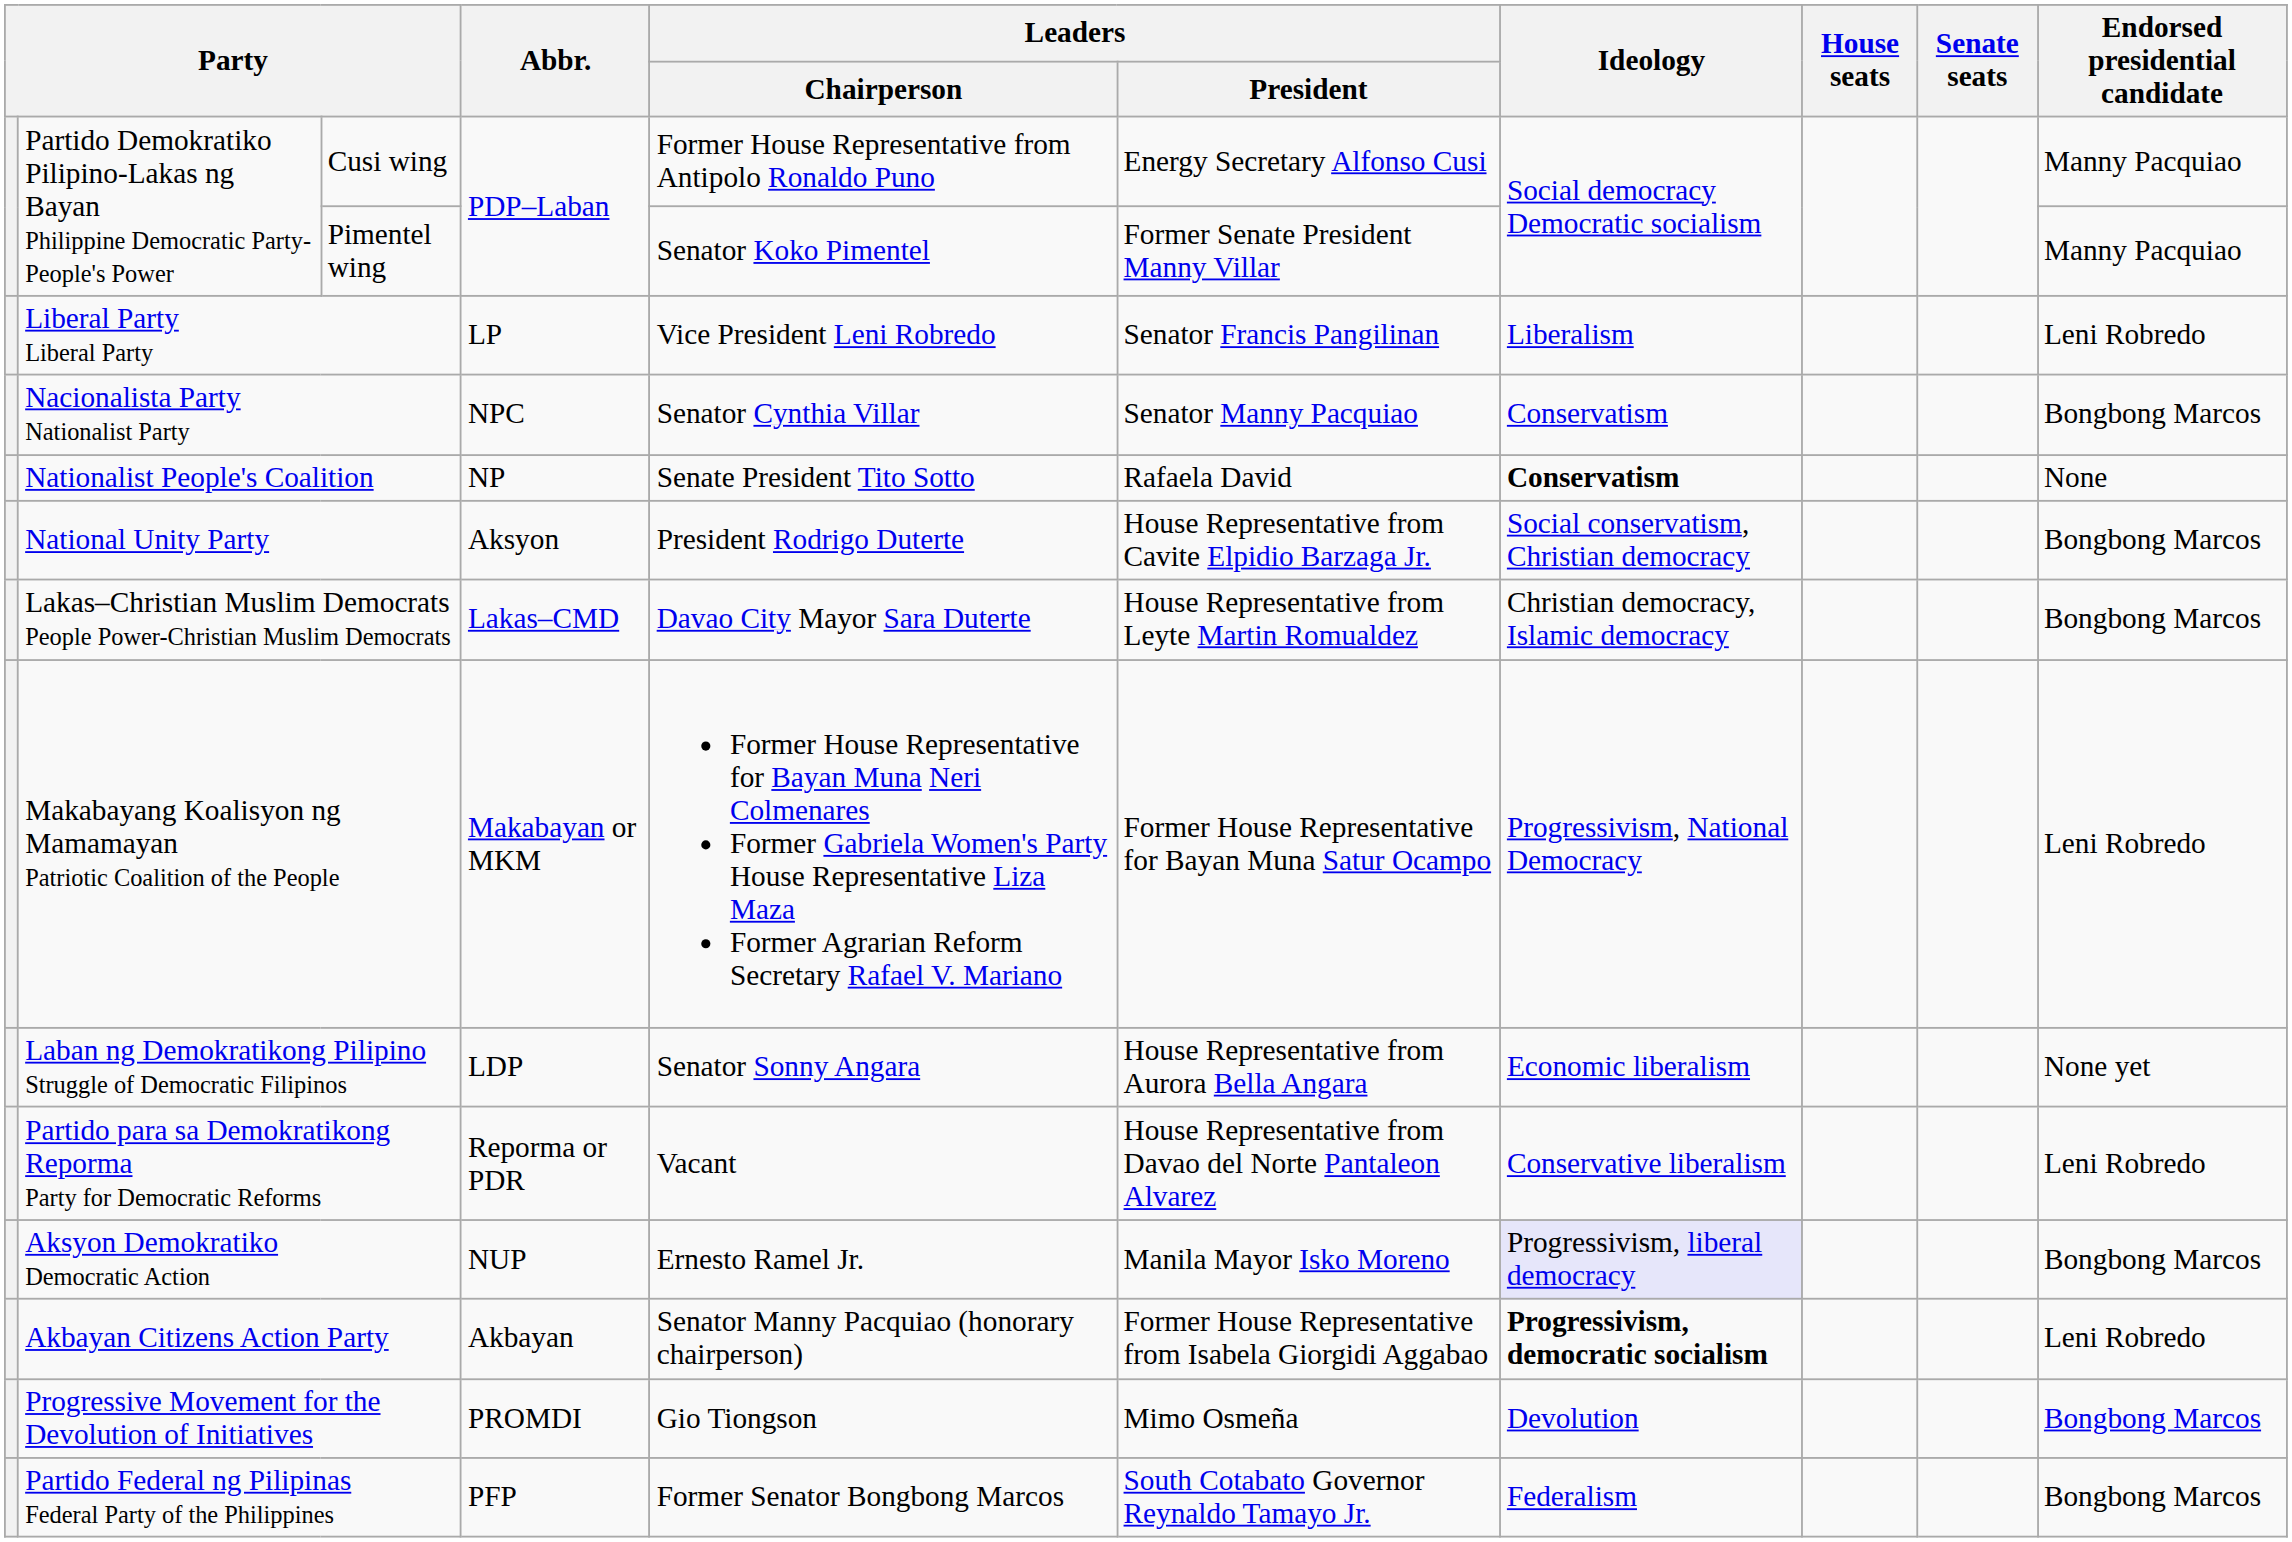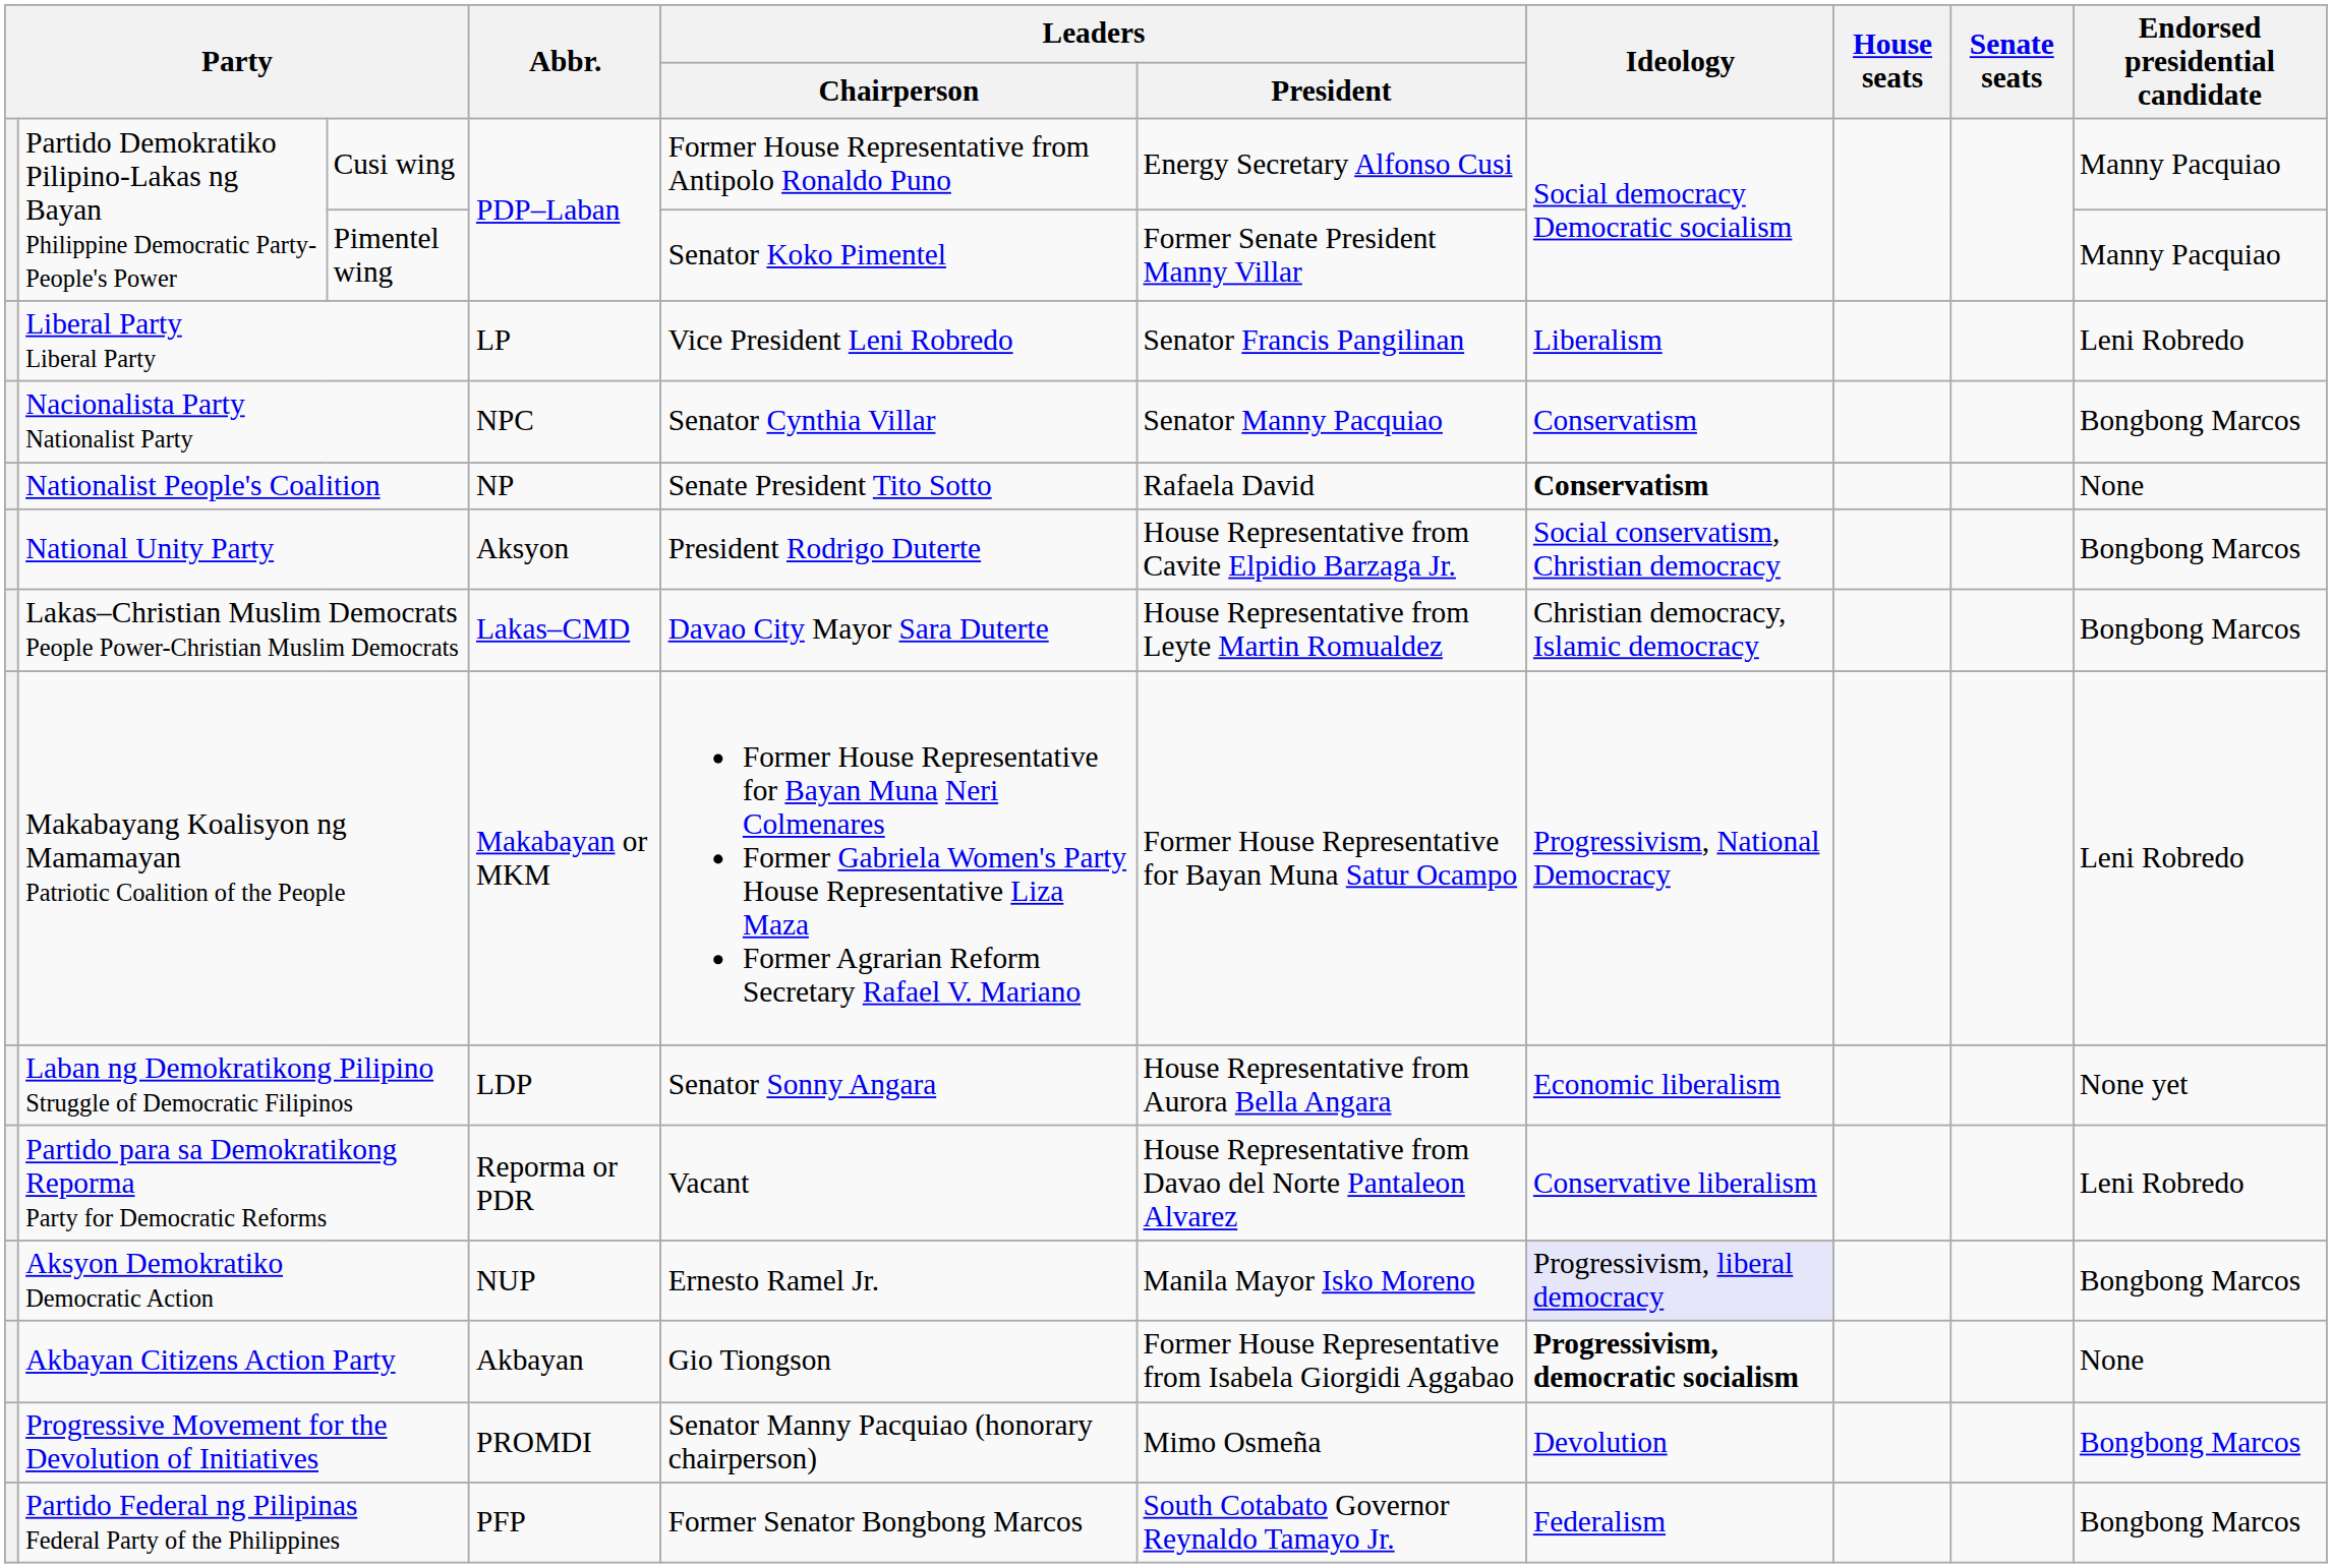 <table class="wikitable">
 <tr>
 <th colspan="3" rowspan="2">Party</th>
 <th rowspan="2">Abbr.</th>
 <th colspan="2">Leaders</th>
 <th rowspan="2">Ideology</th>
 <th rowspan="2"><a href='#'>House</a> seats</th>
 <th rowspan="2"><a href='#'>Senate</a> seats</th>
 <th rowspan="2">Endorsed presidential candidate</th>
 </tr>
 <tr>
 <th>Chairperson</th>
 <th>President</th>
 </tr>
 <tr>
 <th rowspan="2" style="background:"></th>
 <td rowspan="2">Partido Demokratiko Pilipino-Lakas ng Bayan<br><small>Philippine Democratic Party-People's Power</small></td>
 <td>Cusi wing</td>
 <td rowspan="2"><a href='#'>PDP–Laban</a></td>
 <td>Former House Representative from Antipolo <a href='#'>Ronaldo Puno</a></td>
 <td>Energy Secretary <a href='#'>Alfonso Cusi</a></td>
 <td rowspan="2"><a href='#'>Social democracy</a><br><a href='#'>Democratic socialism</a></td>
 <td rowspan="2"></td>
 <td rowspan="2"></td>
 <td>Manny Pacquiao</td>
 </tr>
 <tr>
 <td>Pimentel wing</td>
 <td>Senator <a href='#'>Koko Pimentel</a></td>
 <td>Former Senate President <a href='#'>Manny Villar</a></td>
 <td>Manny Pacquiao</td>
 </tr>
 <tr>
 <th style="background:"></th>
 <td colspan="2"><a href='#'>Liberal Party</a><br><small>Liberal Party</small></td>
 <td>LP</td>
 <td>Vice President <a href='#'>Leni Robredo</a></td>
 <td>Senator <a href='#'>Francis Pangilinan</a></td>
 <td><a href='#'>Liberalism</a></td>
 <td></td>
 <td></td>
 <td>Leni Robredo</td>
 </tr>
 <tr>
 <th style="background:"></th>
 <td colspan="2"><a href='#'>Nacionalista Party</a><br><small>Nationalist Party</small></td>
 <td>NPC</td>
 <td>Senator <a href='#'>Cynthia Villar</a></td>
 <td>Senator <a href='#'>Manny Pacquiao</a></td>
 <td><a href='#'>Conservatism</a></td>
 <td></td>
 <td></td>
 <td>Bongbong Marcos</td>
 </tr>
 <tr>
 <th style="background:"></th>
 <td colspan="2"><a href='#'>Nationalist People's Coalition</a></td>
 <td>NP</td>
 <td>Senate President <a href='#'>Tito Sotto</a></td>
 <td>Rafaela David</td>
 <td><strong>Conservatism</strong></td>
 <td></td>
 <td></td>
 <td>None</td>
 </tr>
 <tr>
 <th style="background:"></th>
 <td colspan="2"><a href='#'>National Unity Party</a></td>
 <td>Aksyon</td>
 <td>President <a href='#'>Rodrigo Duterte</a></td>
 <td>House Representative from Cavite <a href='#'>Elpidio Barzaga Jr.</a></td>
 <td><a href='#'>Social conservatism</a>, <a href='#'>Christian democracy</a></td>
 <td></td>
 <td></td>
 <td>Bongbong Marcos</td>
 </tr>
 <tr>
 <th style="background:"></th>
 <td colspan="2">Lakas–Christian Muslim Democrats<br><small>People Power-Christian Muslim Democrats</small></td>
 <td><a href='#'>Lakas–CMD</a></td>
 <td><a href='#'>Davao City</a> Mayor <a href='#'>Sara Duterte</a></td>
 <td>House Representative from Leyte <a href='#'>Martin Romualdez</a></td>
 <td>Christian democracy, <a href='#'>Islamic democracy</a></td>
 <td></td>
 <td></td>
 <td>Bongbong Marcos</td>
 </tr>
 <tr>
 <th style="background:"></th>
 <td colspan="2">Makabayang Koalisyon ng Mamamayan<br><small>Patriotic Coalition of the People</small></td>
 <td><a href='#'>Makabayan</a> or MKM</td>
 <td><br><ul><li>Former House Representative for <a href='#'>Bayan Muna</a> <a href='#'>Neri Colmenares</a></li><li>Former <a href='#'>Gabriela Women's Party</a> House Representative <a href='#'>Liza Maza</a></li><li>Former Agrarian Reform Secretary <a href='#'>Rafael V. Mariano</a></li></ul></td>
 <td>Former House Representative for Bayan Muna <a href='#'>Satur Ocampo</a></td>
 <td><a href='#'>Progressivism</a>, <a href='#'>National Democracy</a></td>
 <td></td>
 <td></td>
 <td>Leni Robredo</td>
 </tr>
 <tr>
 <th style="background:"></th>
 <td colspan="2"><a href='#'>Laban ng Demokratikong Pilipino</a><br><small>Struggle of Democratic Filipinos</small></td>
 <td>LDP</td>
 <td>Senator <a href='#'>Sonny Angara</a></td>
 <td>House Representative from Aurora <a href='#'>Bella Angara</a></td>
 <td><a href='#'>Economic liberalism</a></td>
 <td></td>
 <td></td>
 <td>None yet</td>
 </tr>
 <tr>
 <th style="background:"></th>
 <td colspan="2"><a href='#'>Partido para sa Demokratikong Reporma</a><br><small>Party for Democratic Reforms</small></td>
 <td>Reporma or PDR</td>
 <td>Vacant</td>
 <td>House Representative from Davao del Norte <a href='#'>Pantaleon Alvarez</a></td>
 <td><a href='#'>Conservative liberalism</a></td>
 <td></td>
 <td></td>
 <td>Leni Robredo</td>
 </tr>
 <tr>
 <th style="background:"></th>
 <td colspan="2"><a href='#'>Aksyon Demokratiko</a><br><small>Democratic Action</small></td>
 <td>NUP</td>
 <td>Ernesto Ramel Jr.</td>
 <td>Manila Mayor <a href='#'>Isko Moreno</a></td>
 <td style="background: lavender;">Progressivism, <a href='#'>liberal democracy</a></td>
 <td></td>
 <td></td>
 <td>Bongbong Marcos</td>
 </tr>
 <tr>
 <th style="background:"></th>
 <td colspan="2"><a href='#'>Akbayan Citizens Action Party</a></td>
 <td>Akbayan</td>
-<td>Senator Manny Pacquiao (honorary chairperson)</td>
+<td>Gio Tiongson</td>
 <td>Former House Representative from Isabela Giorgidi Aggabao</td>
 <td><strong>Progressivism, democratic socialism</strong></td>
 <td></td>
 <td></td>
-<td>Leni Robredo</td>
+<td>None</td>
 </tr>
 <tr>
 <th style="background:"></th>
 <td colspan="2"><a href='#'>Progressive Movement for the Devolution of Initiatives</a></td>
 <td>PROMDI</td>
-<td>Gio Tiongson</td>
+<td>Senator Manny Pacquiao (honorary chairperson)</td>
 <td>Mimo Osmeña</td>
 <td><a href='#'>Devolution</a></td>
 <td></td>
 <td></td>
 <td><a href='#'>Bongbong Marcos</a></td>
 </tr>
 <tr>
 <th style="background:"></th>
 <td colspan="2"><a href='#'>Partido Federal ng Pilipinas</a><br><small>Federal Party of the Philippines</small></td>
 <td>PFP</td>
 <td>Former Senator Bongbong Marcos</td>
 <td><a href='#'>South Cotabato</a> Governor <a href='#'>Reynaldo Tamayo Jr.</a></td>
 <td><a href='#'>Federalism</a></td>
 <td></td>
 <td></td>
 <td>Bongbong Marcos</td>
 </tr>
 </table>
